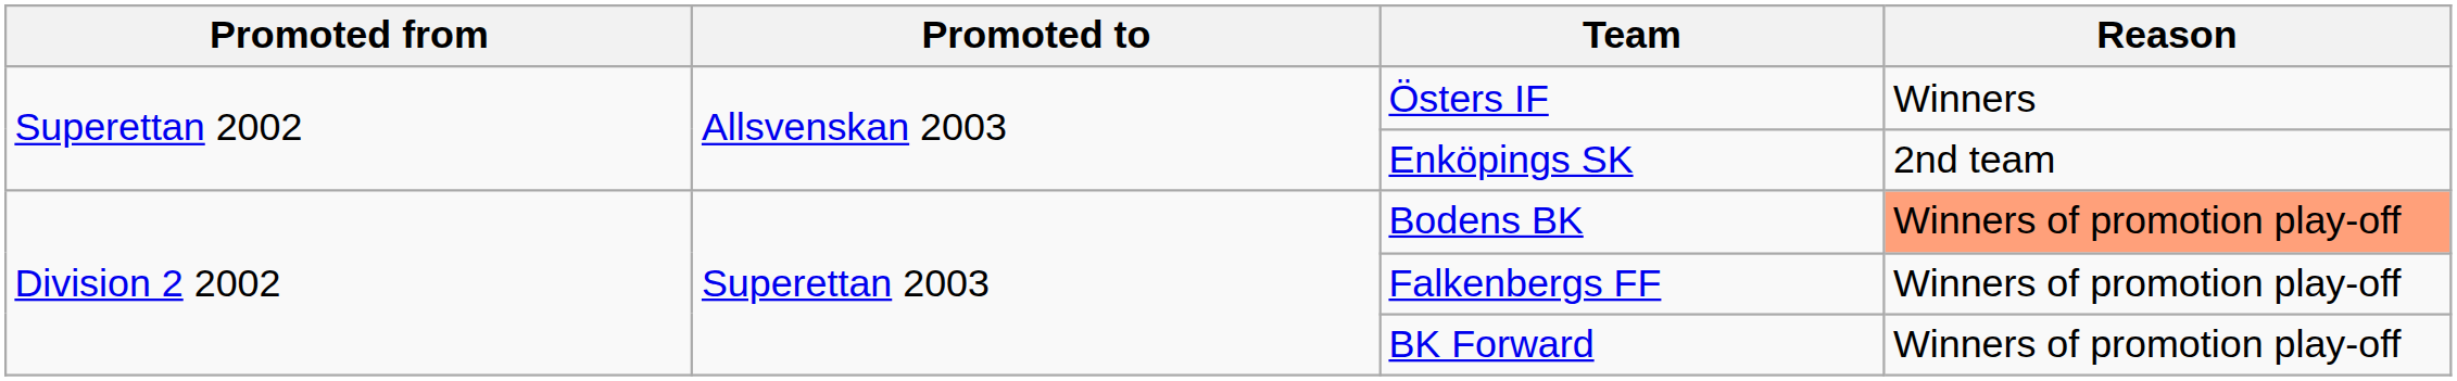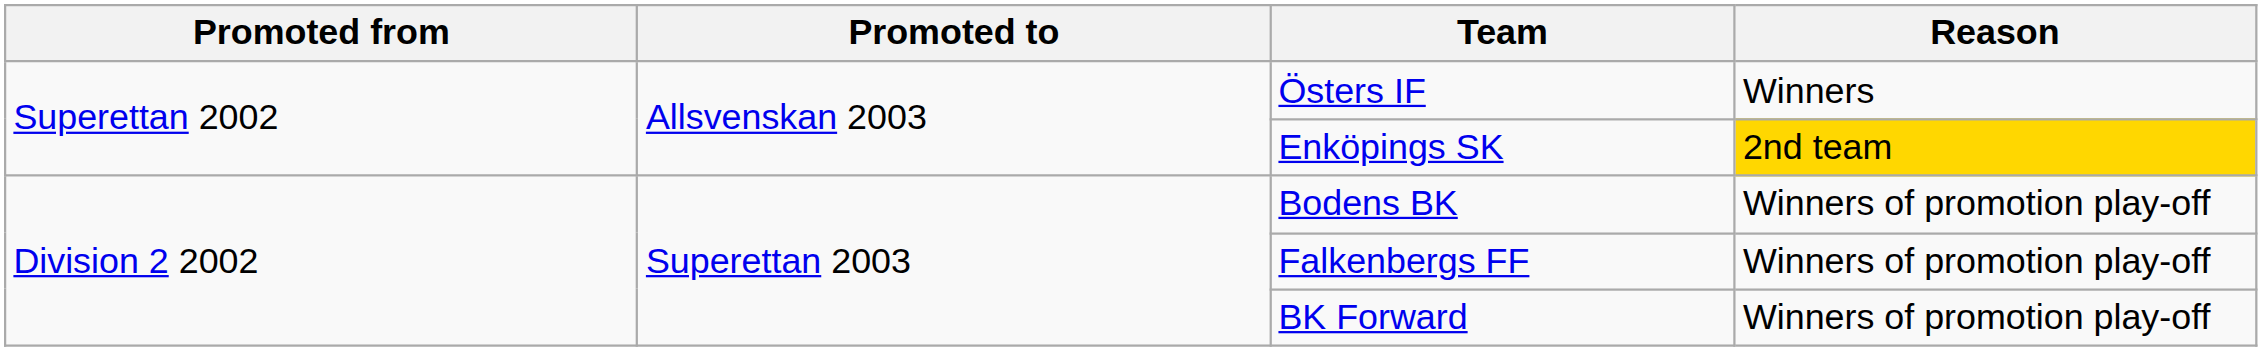 <table class="wikitable" style="text-align: left;">
 <tr>
 <th style="width: 275px;">Promoted from</th>
 <th style="width: 275px;">Promoted to</th>
 <th style="width: 200px;">Team</th>
 <th style="width: 225px;">Reason</th>
 </tr>
 <tr>
 <td rowspan=2><a href='#'>Superettan</a> 2002</td>
 <td rowspan=2><a href='#'>Allsvenskan</a> 2003</td>
 <td><a href='#'>Östers IF</a></td>
 <td>Winners</td>
 </tr>
 <tr>
 <td><a href='#'>Enköpings SK</a></td>
-<td>2nd team</td>
+<td style="background: gold;">2nd team</td>
 </tr>
 <tr>
 <td rowspan=3><a href='#'>Division 2</a> 2002</td>
 <td rowspan=3><a href='#'>Superettan</a> 2003</td>
 <td><a href='#'>Bodens BK</a></td>
-<td style="background: lightsalmon;">Winners of promotion play-off</td>
+<td>Winners of promotion play-off</td>
 </tr>
 <tr>
 <td><a href='#'>Falkenbergs FF</a></td>
 <td>Winners of promotion play-off</td>
 </tr>
 <tr>
 <td><a href='#'>BK Forward</a></td>
 <td>Winners of promotion play-off</td>
 </tr>
 </table>
